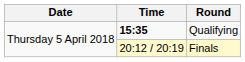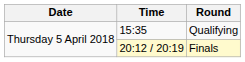 <table class="wikitable">
 <tr>
 <th>Date</th>
 <th>Time</th>
 <th>Round</th>
 </tr>
 <tr>
 <td rowspan=2>Thursday 5 April 2018</td>
-<td><strong>15:35</strong></td>
+<td>15:35</td>
 <td>Qualifying</td>
 </tr>
 <tr>
 <td style=background:lemonchiffon>20:12 / 20:19</td>
 <td style=background:lemonchiffon>Finals</td>
 </tr>
 </table>
